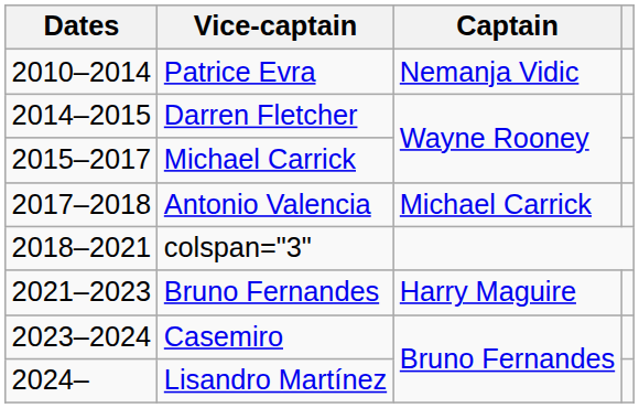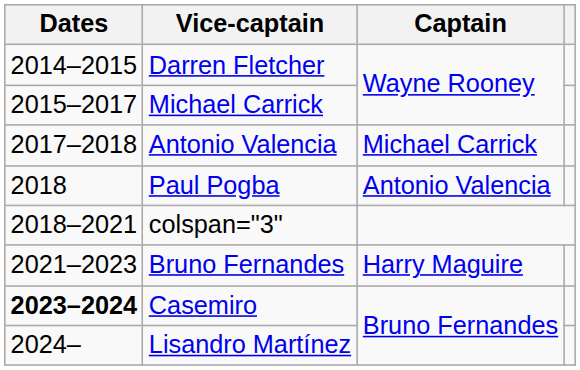 <table class="wikitable plainrowheaders unsortable">
 <tr>
 <th scope="col">Dates</th>
 <th scope="col">Vice-captain</th>
 <th scope="col">Captain</th>
 <th></th>
-</tr>
-<tr>
-<td>2010–2014</td>
-<td> <a href='#'>Patrice Evra</a></td>
-<td> <a href='#'>Nemanja Vidic</a></td>
-<td></td>
 </tr>
 <tr>
 <td>2014–2015</td>
 <td> <a href='#'>Darren Fletcher</a></td>
 <td rowspan="2"> <a href='#'>Wayne Rooney</a></td>
 <td></td>
 </tr>
 <tr>
 <td>2015–2017</td>
 <td> <a href='#'>Michael Carrick</a></td>
 <td></td>
 </tr>
 <tr>
 <td>2017–2018</td>
 <td> <a href='#'>Antonio Valencia</a></td>
 <td> <a href='#'>Michael Carrick</a></td>
 <td></td>
 </tr>
 <tr>
+<td>2018</td>
+<td> <a href='#'>Paul Pogba</a></td>
+<td> <a href='#'>Antonio Valencia</a></td>
+<td></td>
+</tr>
+<tr>
 <td>2018–2021</td>
 <td>colspan="3"</td>
 </tr>
 <tr>
 <td>2021–2023</td>
 <td> <a href='#'>Bruno Fernandes</a></td>
 <td> <a href='#'>Harry Maguire</a></td>
 <td></td>
 </tr>
 <tr>
-<td>2023–2024</td>
+<td><strong>2023–2024</strong></td>
 <td> <a href='#'>Casemiro</a></td>
 <td rowspan="2"> <a href='#'>Bruno Fernandes</a></td>
 <td></td>
 </tr>
 <tr>
 <td>2024–</td>
 <td> <a href='#'>Lisandro Martínez</a></td>
 <td></td>
 </tr>
 </table>
